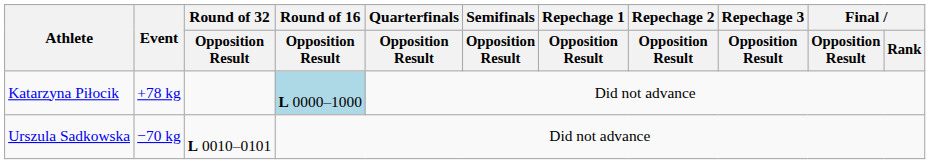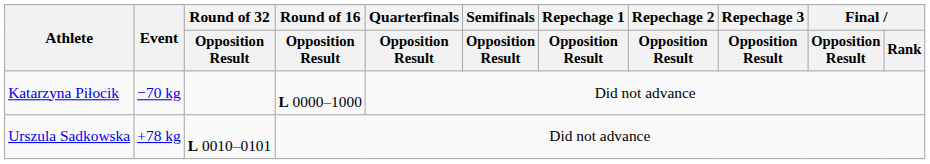 <table class="wikitable" style="font-size:90%">
 <tr>
 <th rowspan="2">Athlete</th>
 <th rowspan="2">Event</th>
 <th>Round of 32</th>
 <th>Round of 16</th>
 <th>Quarterfinals</th>
 <th>Semifinals</th>
 <th>Repechage 1</th>
 <th>Repechage 2</th>
 <th>Repechage 3</th>
 <th colspan=2>Final / </th>
 </tr>
 <tr style="font-size:95%">
 <th>Opposition<br>Result</th>
 <th>Opposition<br>Result</th>
 <th>Opposition<br>Result</th>
 <th>Opposition<br>Result</th>
 <th>Opposition<br>Result</th>
 <th>Opposition<br>Result</th>
 <th>Opposition<br>Result</th>
 <th>Opposition<br>Result</th>
 <th>Rank</th>
 </tr>
 <tr align=center>
 <td align=left><a href='#'>Katarzyna Piłocik</a></td>
-<td align=left><a href='#'>+78 kg</a></td>
+<td align=left><a href='#'>−70 kg</a></td>
 <td></td>
-<td style="background: lightblue;"><br><strong>L</strong> 0000–1000</td>
+<td><br><strong>L</strong> 0000–1000</td>
 <td colspan=7>Did not advance</td>
 </tr>
 <tr align=center>
 <td align=left><a href='#'>Urszula Sadkowska</a></td>
-<td align=left><a href='#'>−70 kg</a></td>
+<td align=left><a href='#'>+78 kg</a></td>
 <td><br><strong>L</strong> 0010–0101</td>
 <td colspan=8>Did not advance</td>
 </tr>
 </table>
